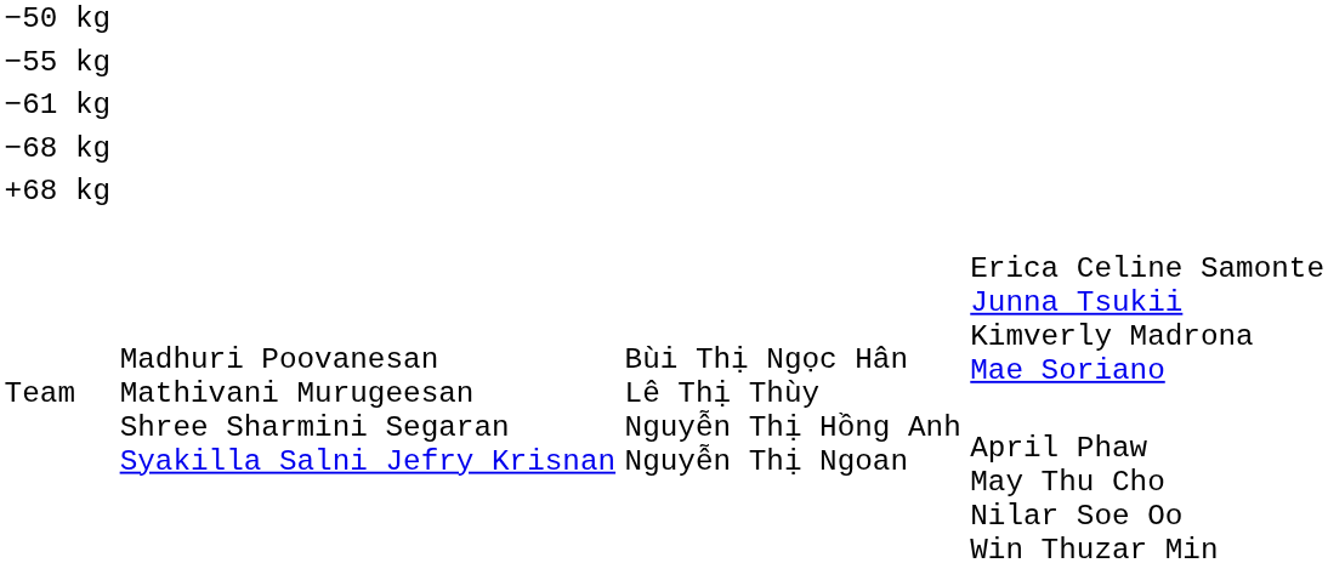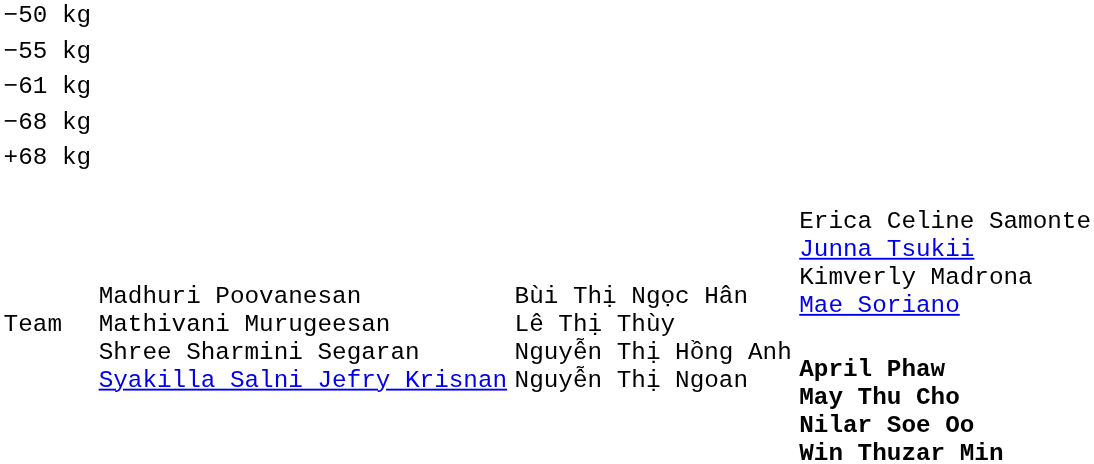 <table>
 <tr>
 <td rowspan=2>−50 kg</td>
 <td rowspan=2></td>
 <td rowspan=2></td>
 <td></td>
 </tr>
 <tr>
 <td></td>
 </tr>
 <tr>
 <td rowspan=2>−55 kg</td>
 <td rowspan=2></td>
 <td rowspan=2></td>
 <td></td>
 </tr>
 <tr>
 <td></td>
 </tr>
 <tr>
 <td rowspan=2>−61 kg</td>
 <td nowrap=true rowspan=2></td>
 <td rowspan=2></td>
 <td></td>
 </tr>
 <tr>
 <td></td>
 </tr>
 <tr>
 <td rowspan=2>−68 kg</td>
 <td rowspan=2></td>
 <td rowspan=2></td>
 <td></td>
 </tr>
 <tr>
 <td></td>
 </tr>
 <tr>
 <td rowspan=2>+68 kg</td>
 <td rowspan=2></td>
 <td rowspan=2></td>
 <td nowrap=true></td>
 </tr>
 <tr>
 <td></td>
 </tr>
 <tr>
 <td rowspan=2>Team</td>
 <td rowspan=2><br>Madhuri Poovanesan<br>Mathivani Murugeesan<br>Shree Sharmini Segaran<br><a href='#'>Syakilla Salni Jefry Krisnan</a></td>
 <td nowrap=true rowspan=2><br>Bùi Thị Ngọc Hân<br>Lê Thị Thùy<br>Nguyễn Thị Hồng Anh<br>Nguyễn Thị Ngoan</td>
 <td><br>Erica Celine Samonte<br><a href='#'>Junna Tsukii</a><br>Kimverly Madrona<br><a href='#'>Mae Soriano</a></td>
 </tr>
 <tr>
-<td><br>April Phaw<br>May Thu Cho<br>Nilar Soe Oo<br>Win Thuzar Min</td>
+<td><strong><br>April Phaw<br>May Thu Cho<br>Nilar Soe Oo<br>Win Thuzar Min</strong></td>
 </tr>
 </table>
